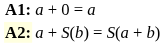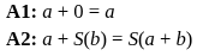 <table>
 <tr>
 <td><strong>A1:</strong></td>
 <td><em>a</em> + 0 = <em>a</em></td>
 </tr>
 <tr>
-<td style="background: lightyellow;"><strong>A2:</strong></td>
+<td><strong>A2:</strong></td>
 <td><em>a</em> + <em>S</em>(<em>b</em>) = <em>S</em>(<em>a</em> + <em>b</em>)</td>
 </tr>
 </table>
